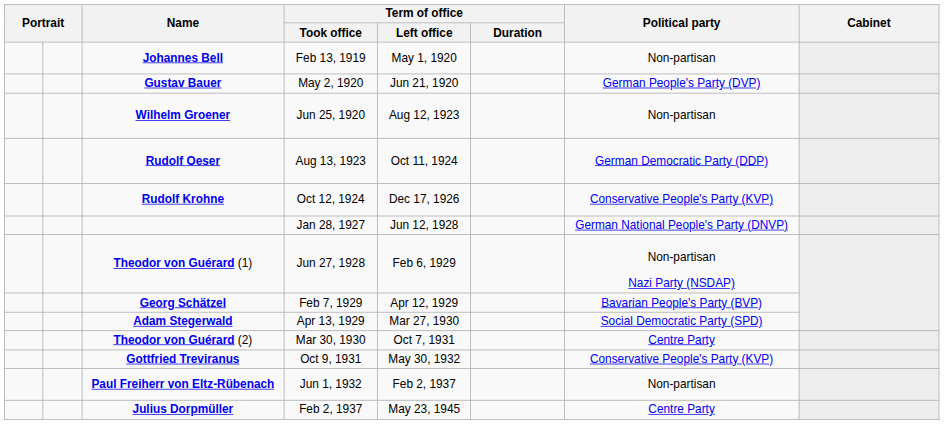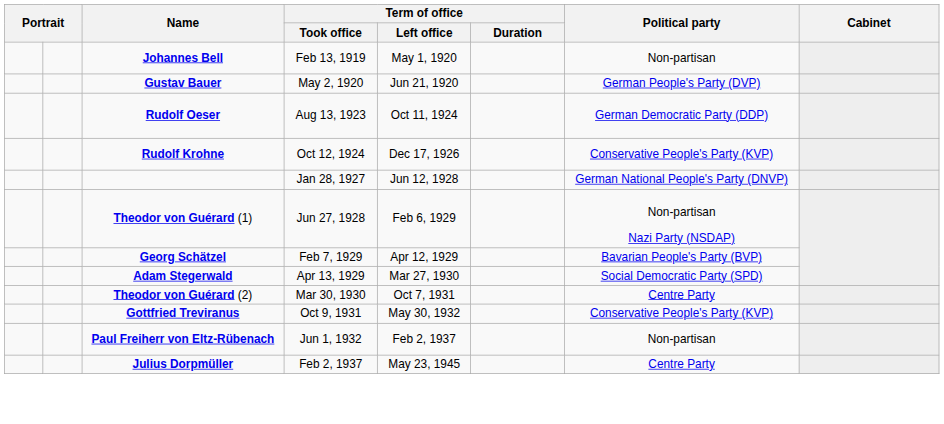 <table class="wikitable" style="text-align:center; width:100%; border:1px #AAAAFF solid">
 <tr>
 <th width= "90px" rowspan=2 colspan=2>Portrait</th>
 <th rowspan=2>Name<br></th>
 <th colspan=3>Term of office</th>
 <th rowspan=2>Political party</th>
 <th rowspan=2 width="15%">Cabinet</th>
 </tr>
 <tr>
 <th width="10%">Took office</th>
 <th width="10%">Left office</th>
 <th width="10%">Duration</th>
 </tr>
 <tr>
 <td style="background:"></td>
 <td></td>
 <td><strong><a href='#'>Johannes Bell</a></strong><br></td>
 <td>Feb 13, 1919</td>
 <td>May 1, 1920</td>
 <td></td>
 <td>Non-partisan</td>
 <td bgcolor=#EEEEEE><br><br></td>
 </tr>
 <tr>
 <td style="background:"></td>
 <td></td>
 <td><strong><a href='#'>Gustav Bauer</a></strong><br></td>
 <td>May 2, 1920</td>
 <td>Jun 21, 1920</td>
 <td></td>
 <td><a href='#'>German People's Party (DVP)</a></td>
 <td bgcolor=#EEEEEE></td>
-</tr>
-<tr>
-<td style="background:"></td>
-<td></td>
-<td><strong><a href='#'>Wilhelm Groener</a></strong><br></td>
-<td>Jun 25, 1920</td>
-<td>Aug 12, 1923</td>
-<td></td>
-<td>Non-partisan</td>
-<td bgcolor=#EEEEEE><br><br><br></td>
 </tr>
 <tr>
 <td style="background:"></td>
 <td></td>
 <td><strong><a href='#'>Rudolf Oeser</a></strong><br></td>
 <td>Aug 13, 1923</td>
 <td>Oct 11, 1924</td>
 <td></td>
 <td><a href='#'>German Democratic Party (DDP)</a></td>
 <td bgcolor=#EEEEEE><br><br><br></td>
 </tr>
 <tr>
 <td style="background:"></td>
 <td></td>
 <td><strong><a href='#'>Rudolf Krohne</a></strong><br></td>
 <td>Oct 12, 1924</td>
 <td>Dec 17, 1926</td>
 <td></td>
 <td><a href='#'>Conservative People's Party (KVP)</a></td>
 <td bgcolor=#EEEEEE><br><br></td>
 </tr>
 <tr>
 <td style="background:"></td>
 <td></td>
 <td><strong></strong><br></td>
 <td>Jan 28, 1927</td>
 <td>Jun 12, 1928</td>
 <td></td>
 <td><a href='#'>German National People's Party (DNVP)</a></td>
 <td bgcolor=#EEEEEE></td>
 </tr>
 <tr>
 <td style="background:"></td>
 <td></td>
 <td><strong><a href='#'>Theodor von Guérard</a></strong> (1)<br></td>
 <td>Jun 27, 1928</td>
 <td>Feb 6, 1929</td>
 <td></td>
 <td><br>Non-partisan<br><br><a href='#'>Nazi Party (NSDAP)</a></td>
 <td rowspan="3" bgcolor="#EEEEEE"></td>
 </tr>
 <tr>
 <td style="background:"></td>
 <td></td>
 <td><strong><a href='#'>Georg Schätzel</a></strong><br></td>
 <td>Feb 7, 1929</td>
 <td>Apr 12, 1929</td>
 <td></td>
 <td><a href='#'>Bavarian People's Party (BVP)</a></td>
 </tr>
 <tr>
 <td style="background:"></td>
 <td></td>
 <td><strong><a href='#'>Adam Stegerwald</a></strong><br></td>
 <td>Apr 13, 1929</td>
 <td>Mar 27, 1930</td>
 <td></td>
 <td><a href='#'>Social Democratic Party (SPD)</a></td>
 </tr>
 <tr>
 <td style="background:"></td>
 <td></td>
 <td><strong><a href='#'>Theodor von Guérard</a></strong> (2)<br></td>
 <td>Mar 30, 1930</td>
 <td>Oct 7, 1931</td>
 <td></td>
 <td><a href='#'>Centre Party</a></td>
 <td bgcolor=#EEEEEE></td>
 </tr>
 <tr>
 <td style="background:"></td>
 <td></td>
 <td><strong><a href='#'>Gottfried Treviranus</a></strong><br></td>
 <td>Oct 9, 1931</td>
 <td>May 30, 1932</td>
 <td></td>
 <td><a href='#'>Conservative People's Party (KVP)</a></td>
 <td bgcolor=#EEEEEE></td>
 </tr>
 <tr>
 <td style="background:"></td>
 <td></td>
 <td><strong><a href='#'>Paul Freiherr von Eltz-Rübenach</a></strong><br></td>
 <td>Jun 1, 1932</td>
 <td>Feb 2, 1937</td>
 <td></td>
 <td>Non-partisan</td>
 <td bgcolor=#EEEEEE><br><br></td>
 </tr>
 <tr>
 <td style="background:"></td>
 <td></td>
 <td><strong><a href='#'>Julius Dorpmüller</a></strong><br></td>
 <td>Feb 2, 1937</td>
 <td>May 23, 1945</td>
 <td></td>
 <td><a href='#'>Centre Party</a></td>
 <td bgcolor=#EEEEEE><br></td>
 </tr>
 </table>
